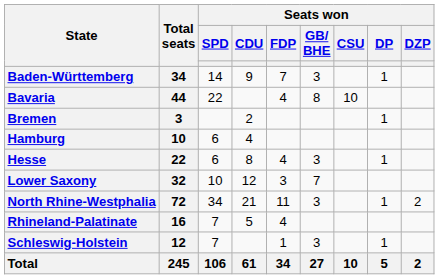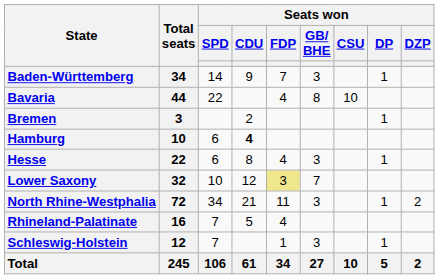 <table class="wikitable" style="text-align:center; font-size: 0.9em;">
 <tr>
 <th rowspan="3">State</th>
 <th rowspan="3">Total<br>seats</th>
 <th colspan="7">Seats won</th>
 </tr>
 <tr>
 <th class="unsortable" style="width:30px;"><a href='#'>SPD</a></th>
 <th class="unsortable" style="width:30px;"><a href='#'>CDU</a></th>
 <th class="unsortable" style="width:30px;"><a href='#'>FDP</a></th>
 <th class="unsortable" style="width:30px;"><a href='#'>GB/<br>BHE</a></th>
 <th class="unsortable" style="width:30px;"><a href='#'>CSU</a></th>
 <th class="unsortable" style="width:30px;"><a href='#'>DP</a></th>
 <th class="unsortable" style="width:30px;"><a href='#'>DZP</a></th>
 </tr>
 <tr>
 <th style="background:"></th>
 <th style="background:"></th>
 <th style="background:"></th>
 <th style="background:"></th>
 <th style="background:"></th>
 <th style="background:"></th>
 <th style="background:"></th>
 </tr>
 <tr>
 <th style="text-align: left;"><a href='#'>Baden-Württemberg</a></th>
 <th>34</th>
 <td>14</td>
 <td>9</td>
 <td>7</td>
 <td>3</td>
 <td></td>
 <td>1</td>
 <td></td>
 </tr>
 <tr>
 <th style="text-align: left;"><a href='#'>Bavaria</a></th>
 <th>44</th>
 <td>22</td>
 <td></td>
 <td>4</td>
 <td>8</td>
 <td>10</td>
 <td></td>
 <td></td>
 </tr>
 <tr>
 <th style="text-align: left;"><a href='#'>Bremen</a></th>
 <th>3</th>
 <td></td>
 <td>2</td>
 <td></td>
 <td></td>
 <td></td>
 <td>1</td>
 <td></td>
 </tr>
 <tr>
 <th style="text-align: left;"><a href='#'>Hamburg</a></th>
 <th>10</th>
 <td>6</td>
-<td>4</td>
+<td><strong>4</strong></td>
 <td></td>
 <td></td>
 <td></td>
 <td></td>
 <td></td>
 </tr>
 <tr>
 <th style="text-align: left;"><a href='#'>Hesse</a></th>
 <th>22</th>
 <td>6</td>
 <td>8</td>
 <td>4</td>
 <td>3</td>
 <td></td>
 <td>1</td>
 <td></td>
 </tr>
 <tr>
 <th style="text-align: left;"><a href='#'>Lower Saxony</a></th>
 <th>32</th>
 <td>10</td>
 <td>12</td>
-<td>3</td>
+<td style="background: khaki;">3</td>
 <td>7</td>
 <td></td>
 <td></td>
 <td></td>
 </tr>
 <tr>
 <th style="text-align: left;"><a href='#'>North Rhine-Westphalia</a></th>
 <th>72</th>
 <td>34</td>
 <td>21</td>
 <td>11</td>
 <td>3</td>
 <td></td>
 <td>1</td>
 <td>2</td>
 </tr>
 <tr>
 <th style="text-align: left;"><a href='#'>Rhineland-Palatinate</a></th>
 <th>16</th>
 <td>7</td>
 <td>5</td>
 <td>4</td>
 <td></td>
 <td></td>
 <td></td>
 <td></td>
 </tr>
 <tr>
 <th style="text-align: left;"><a href='#'>Schleswig-Holstein</a></th>
 <th>12</th>
 <td>7</td>
 <td></td>
 <td>1</td>
 <td>3</td>
 <td></td>
 <td>1</td>
 <td></td>
 </tr>
 <tr class="sortbottom">
 <th style="text-align: left;">Total</th>
 <th>245</th>
 <th>106</th>
 <th>61</th>
 <th>34</th>
 <th>27</th>
 <th>10</th>
 <th>5</th>
 <th>2</th>
 </tr>
 </table>
